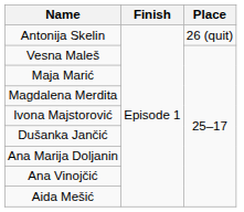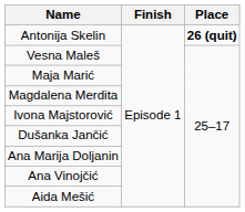 <table class="wikitable sortable" style="text-align:center;">
 <tr>
 <th>Name</th>
 <th>Finish</th>
 <th>Place</th>
 </tr>
 <tr>
 <td>Antonija Skelin</td>
 <td rowspan="9">Episode 1</td>
-<td>26 (quit)</td>
+<td><strong>26 (quit)</strong></td>
 </tr>
 <tr>
 <td>Vesna Maleš</td>
 <td rowspan="8">25–17</td>
 </tr>
 <tr>
 <td>Maja Marić</td>
 </tr>
 <tr>
 <td>Magdalena Merdita</td>
 </tr>
 <tr>
 <td>Ivona Majstorović</td>
 </tr>
 <tr>
 <td>Dušanka Jančić</td>
 </tr>
 <tr>
 <td>Ana Marija Doljanin</td>
 </tr>
 <tr>
 <td>Ana Vinojčić</td>
 </tr>
 <tr>
 <td>Aida Mešić</td>
 </tr>
 </table>
